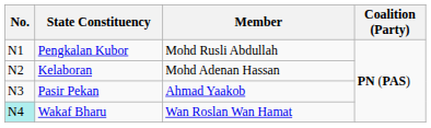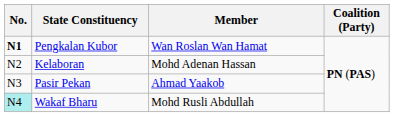 <table class="wikitable">
 <tr>
 <th width="30">No.</th>
 <th width="150">State Constituency</th>
 <th width="230">Member</th>
 <th width="80">Coalition (Party)</th>
 </tr>
 <tr>
-<td>N1</td>
+<td><strong>N1</strong></td>
 <td><a href='#'>Pengkalan Kubor</a></td>
-<td>Mohd Rusli Abdullah</td>
+<td><a href='#'>Wan Roslan Wan Hamat</a></td>
 <td rowspan=4 style="background:"><strong>PN</strong> (<strong>PAS</strong>)</td>
 </tr>
 <tr>
 <td>N2</td>
 <td><a href='#'>Kelaboran</a></td>
 <td>Mohd Adenan Hassan</td>
 </tr>
 <tr>
 <td>N3</td>
 <td><a href='#'>Pasir Pekan</a></td>
 <td><a href='#'>Ahmad Yaakob</a></td>
 </tr>
 <tr>
 <td style="background: paleturquoise;">N4</td>
 <td><a href='#'>Wakaf Bharu</a></td>
-<td><a href='#'>Wan Roslan Wan Hamat</a></td>
+<td>Mohd Rusli Abdullah</td>
 </tr>
 </table>
